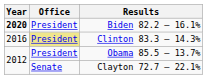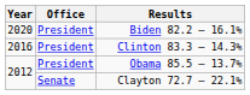 <table class=wikitable>
 <tr>
 <th width="30">Year</th>
 <th width="60">Office</th>
 <th width="180">Results</th>
 </tr>
 <tr>
-<td><strong>2020</strong></td>
+<td>2020</td>
 <td><a href='#'>President</a></td>
 <td align="right" ><a href='#'>Biden</a> 82.2 – 16.1%</td>
 </tr>
 <tr>
 <td>2016</td>
-<td style="background: khaki;"><a href='#'>President</a></td>
+<td><a href='#'>President</a></td>
 <td align="right" ><a href='#'>Clinton</a> 83.3 – 14.3%</td>
 </tr>
 <tr>
 <td rowspan="2">2012</td>
 <td><a href='#'>President</a></td>
 <td align="right" ><a href='#'>Obama</a> 85.5 – 13.7%</td>
 </tr>
 <tr>
 <td><a href='#'>Senate</a></td>
 <td align="right" >Clayton 72.7 – 22.1%</td>
 </tr>
 </table>
